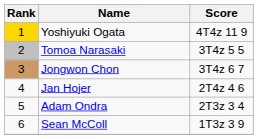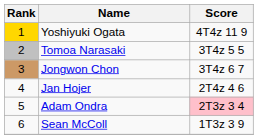 <table class="wikitable">
 <tr>
 <th>Rank</th>
 <th width = "200">Name</th>
 <th width = "80">Score</th>
 </tr>
 <tr>
 <td align="center" style="background: gold">1</td>
 <td> Yoshiyuki Ogata</td>
 <td align="center">4T4z 11 9</td>
 </tr>
 <tr>
 <td align="center" style="background: silver">2</td>
 <td> <a href='#'>Tomoa Narasaki</a></td>
 <td align="center">3T4z 5 5</td>
 </tr>
 <tr>
 <td align="center" style="background: #cc9966">3</td>
 <td> <a href='#'>Jongwon Chon</a></td>
 <td align="center">3T4z 6 7</td>
 </tr>
 <tr>
 <td align="center">4</td>
 <td> <a href='#'>Jan Hojer</a></td>
 <td align="center">2T4z 4 6</td>
 </tr>
 <tr>
 <td align="center">5</td>
 <td> <a href='#'>Adam Ondra</a></td>
-<td align="center">2T3z 3 4</td>
+<td align="center" style="background: pink;">2T3z 3 4</td>
 </tr>
 <tr>
 <td align="center">6</td>
 <td> <a href='#'>Sean McColl</a></td>
 <td align="center">1T3z 3 9</td>
 </tr>
 <tr>
 </tr>
 </table>
